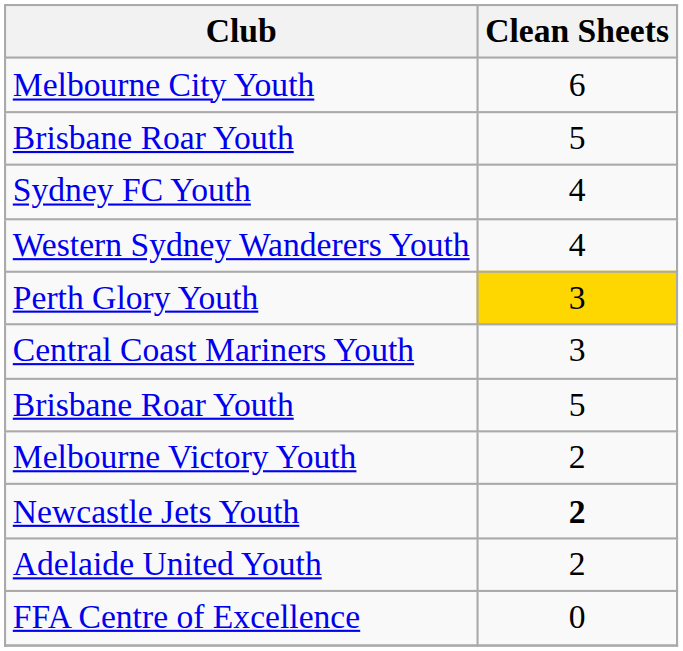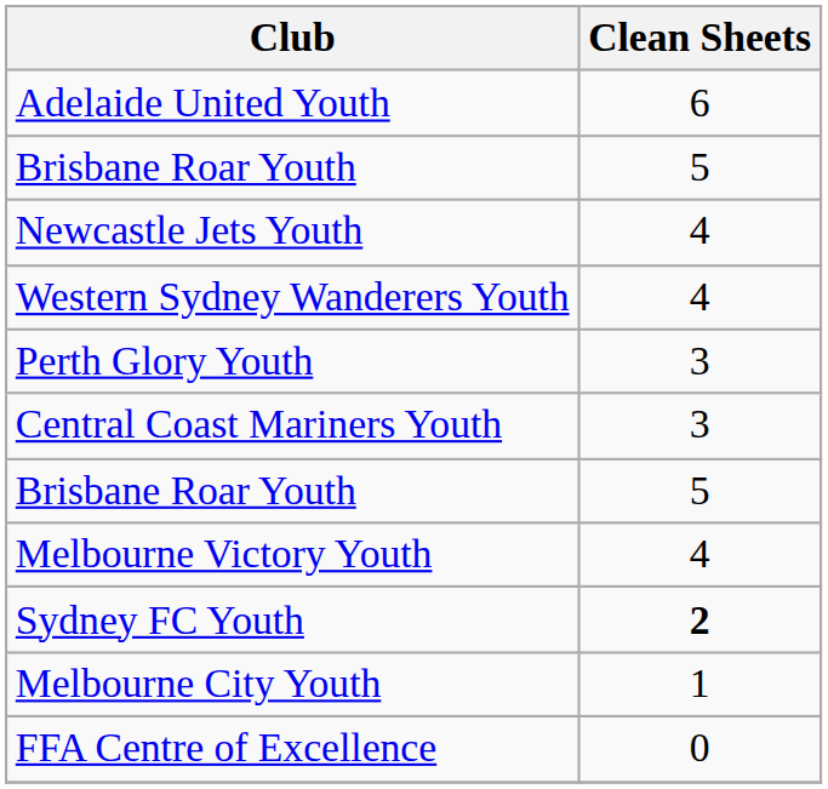 <table class="wikitable sortable" style="text-align: center;">
 <tr>
 <th>Club</th>
 <th>Clean Sheets</th>
 </tr>
 <tr>
-<td align=left><a href='#'>Melbourne City Youth</a></td>
+<td align=left><a href='#'>Adelaide United Youth</a></td>
 <td>6</td>
 </tr>
 <tr>
 <td align=left><a href='#'>Brisbane Roar Youth</a></td>
 <td>5</td>
 </tr>
 <tr>
-<td align=left><a href='#'>Sydney FC Youth</a></td>
+<td align=left><a href='#'>Newcastle Jets Youth</a></td>
 <td>4</td>
 </tr>
 <tr>
 <td align=left><a href='#'>Western Sydney Wanderers Youth</a></td>
 <td>4</td>
 </tr>
 <tr>
 <td align=left><a href='#'>Perth Glory Youth</a></td>
-<td style="background: gold;">3</td>
+<td>3</td>
 </tr>
 <tr>
 <td align=left><a href='#'>Central Coast Mariners Youth</a></td>
 <td>3</td>
 </tr>
 <tr>
 <td align=left><a href='#'>Brisbane Roar Youth</a></td>
 <td>5</td>
 </tr>
 <tr>
 <td align=left><a href='#'>Melbourne Victory Youth</a></td>
-<td>2</td>
+<td>4</td>
 </tr>
 <tr>
-<td align=left><a href='#'>Newcastle Jets Youth</a></td>
+<td align=left><a href='#'>Sydney FC Youth</a></td>
 <td><strong>2</strong></td>
 </tr>
 <tr>
-<td align=left><a href='#'>Adelaide United Youth</a></td>
-<td>2</td>
+<td align=left><a href='#'>Melbourne City Youth</a></td>
+<td>1</td>
 </tr>
 <tr>
 <td align=left><a href='#'>FFA Centre of Excellence</a></td>
 <td>0</td>
 </tr>
 <tr>
 </tr>
 </table>
